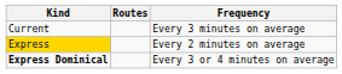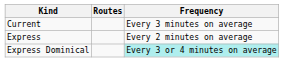 <table class="wikitable" style="margin:1em auto;">
 <tr>
 <th>Kind</th>
 <th>Routes</th>
 <th>Frequency</th>
 </tr>
 <tr>
 <td>Current</td>
 <td>  </td>
 <td>Every 3 minutes on average</td>
 </tr>
 <tr>
-<td style="background: gold;">Express</td>
+<td>Express</td>
 <td>    </td>
 <td>Every 2 minutes on average</td>
 </tr>
 <tr>
-<td><strong>Express Dominical</strong></td>
+<td>Express Dominical</td>
 <td> </td>
-<td>Every 3 or 4 minutes on average</td>
+<td style="background: paleturquoise;">Every 3 or 4 minutes on average</td>
 </tr>
 </table>
